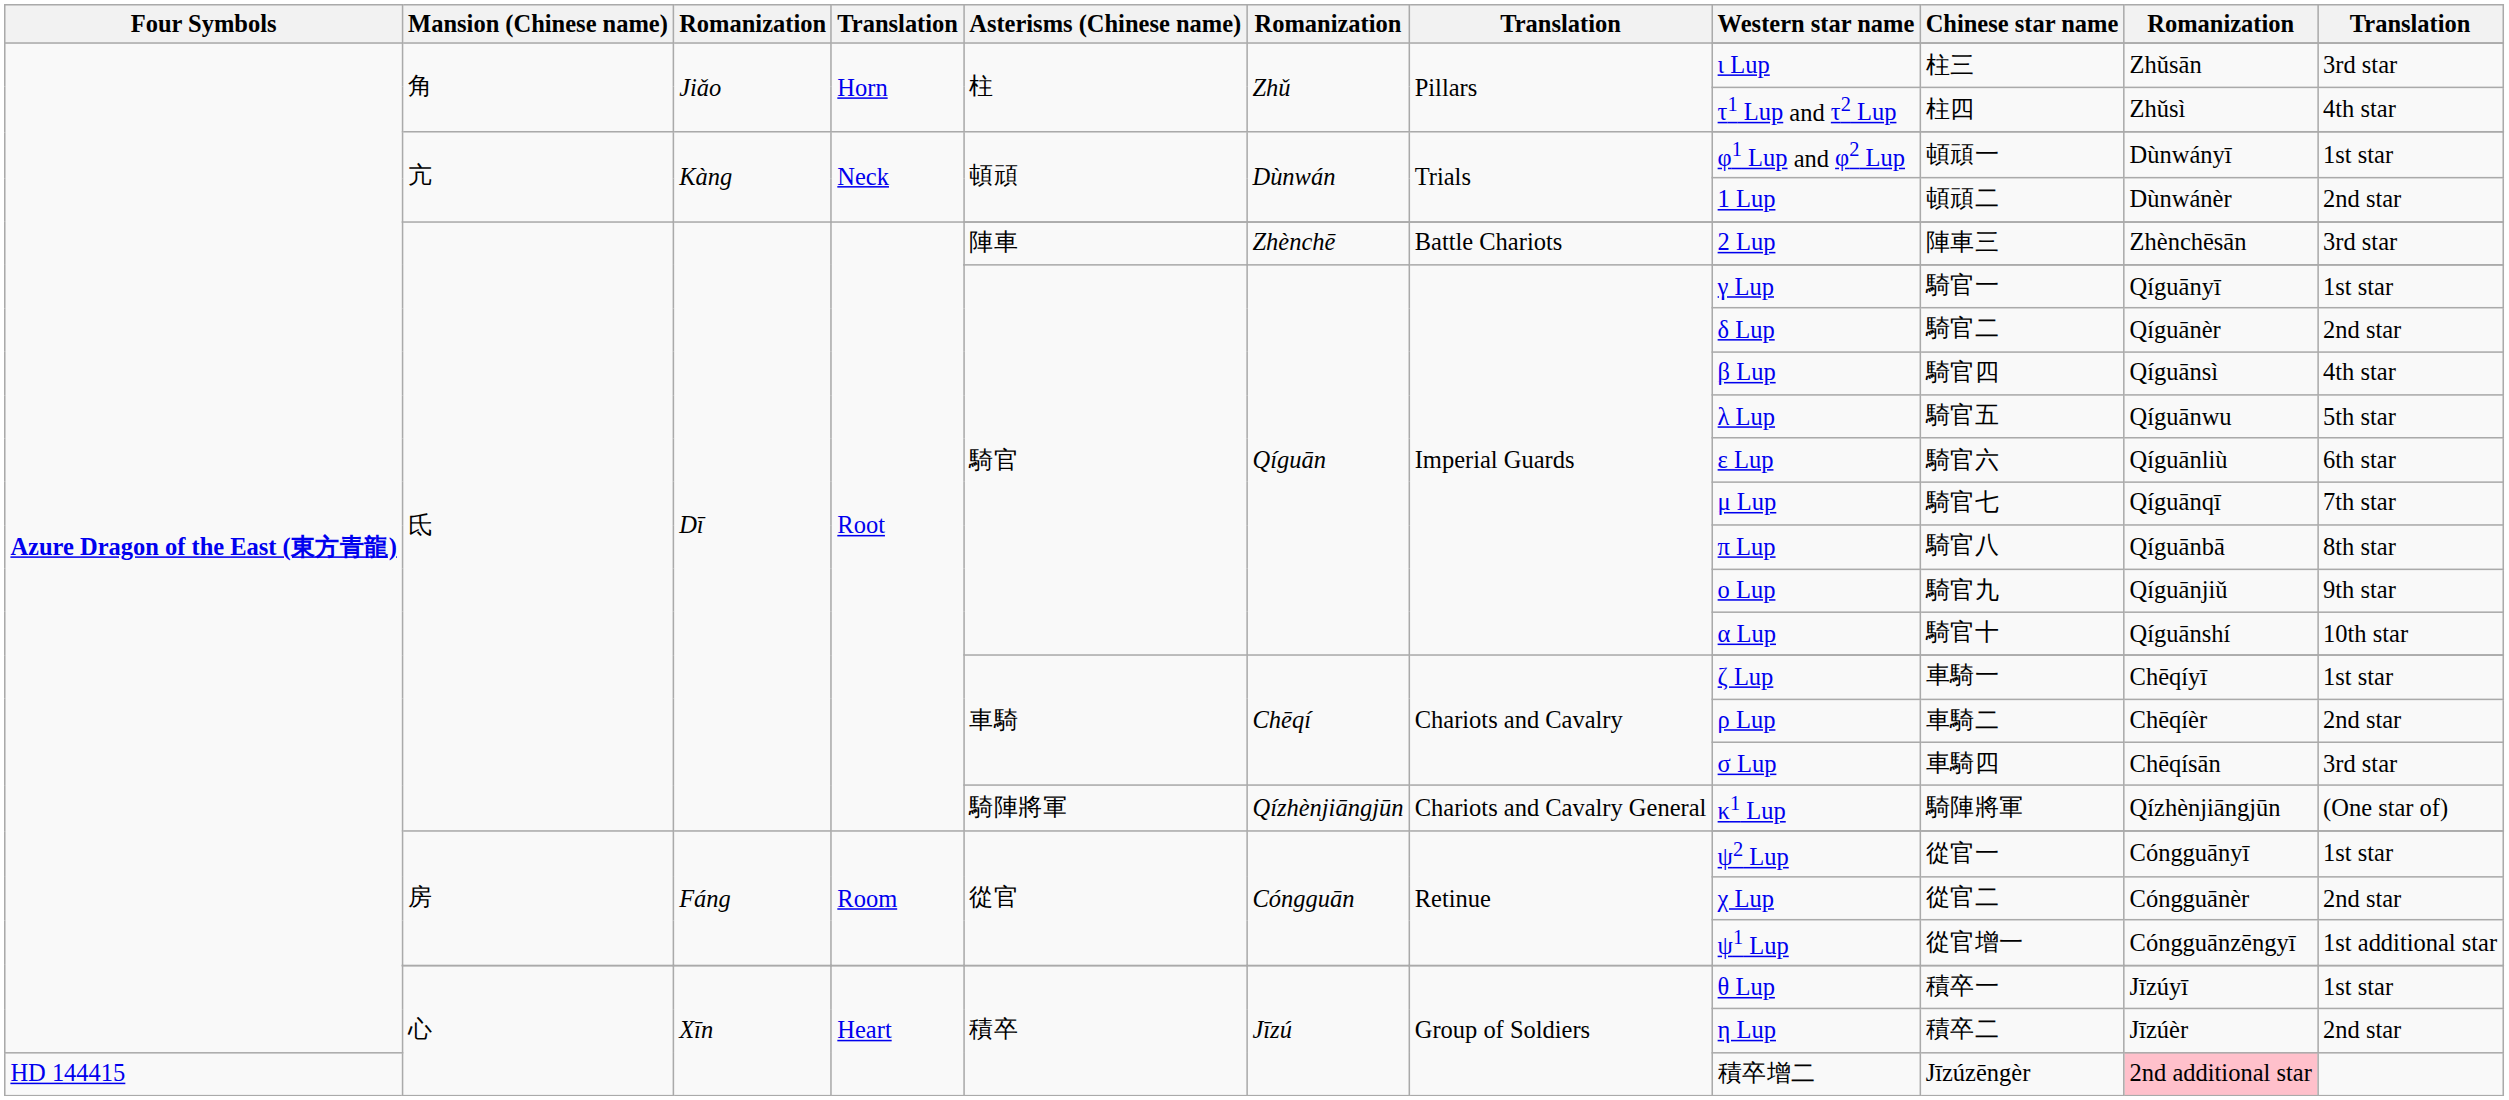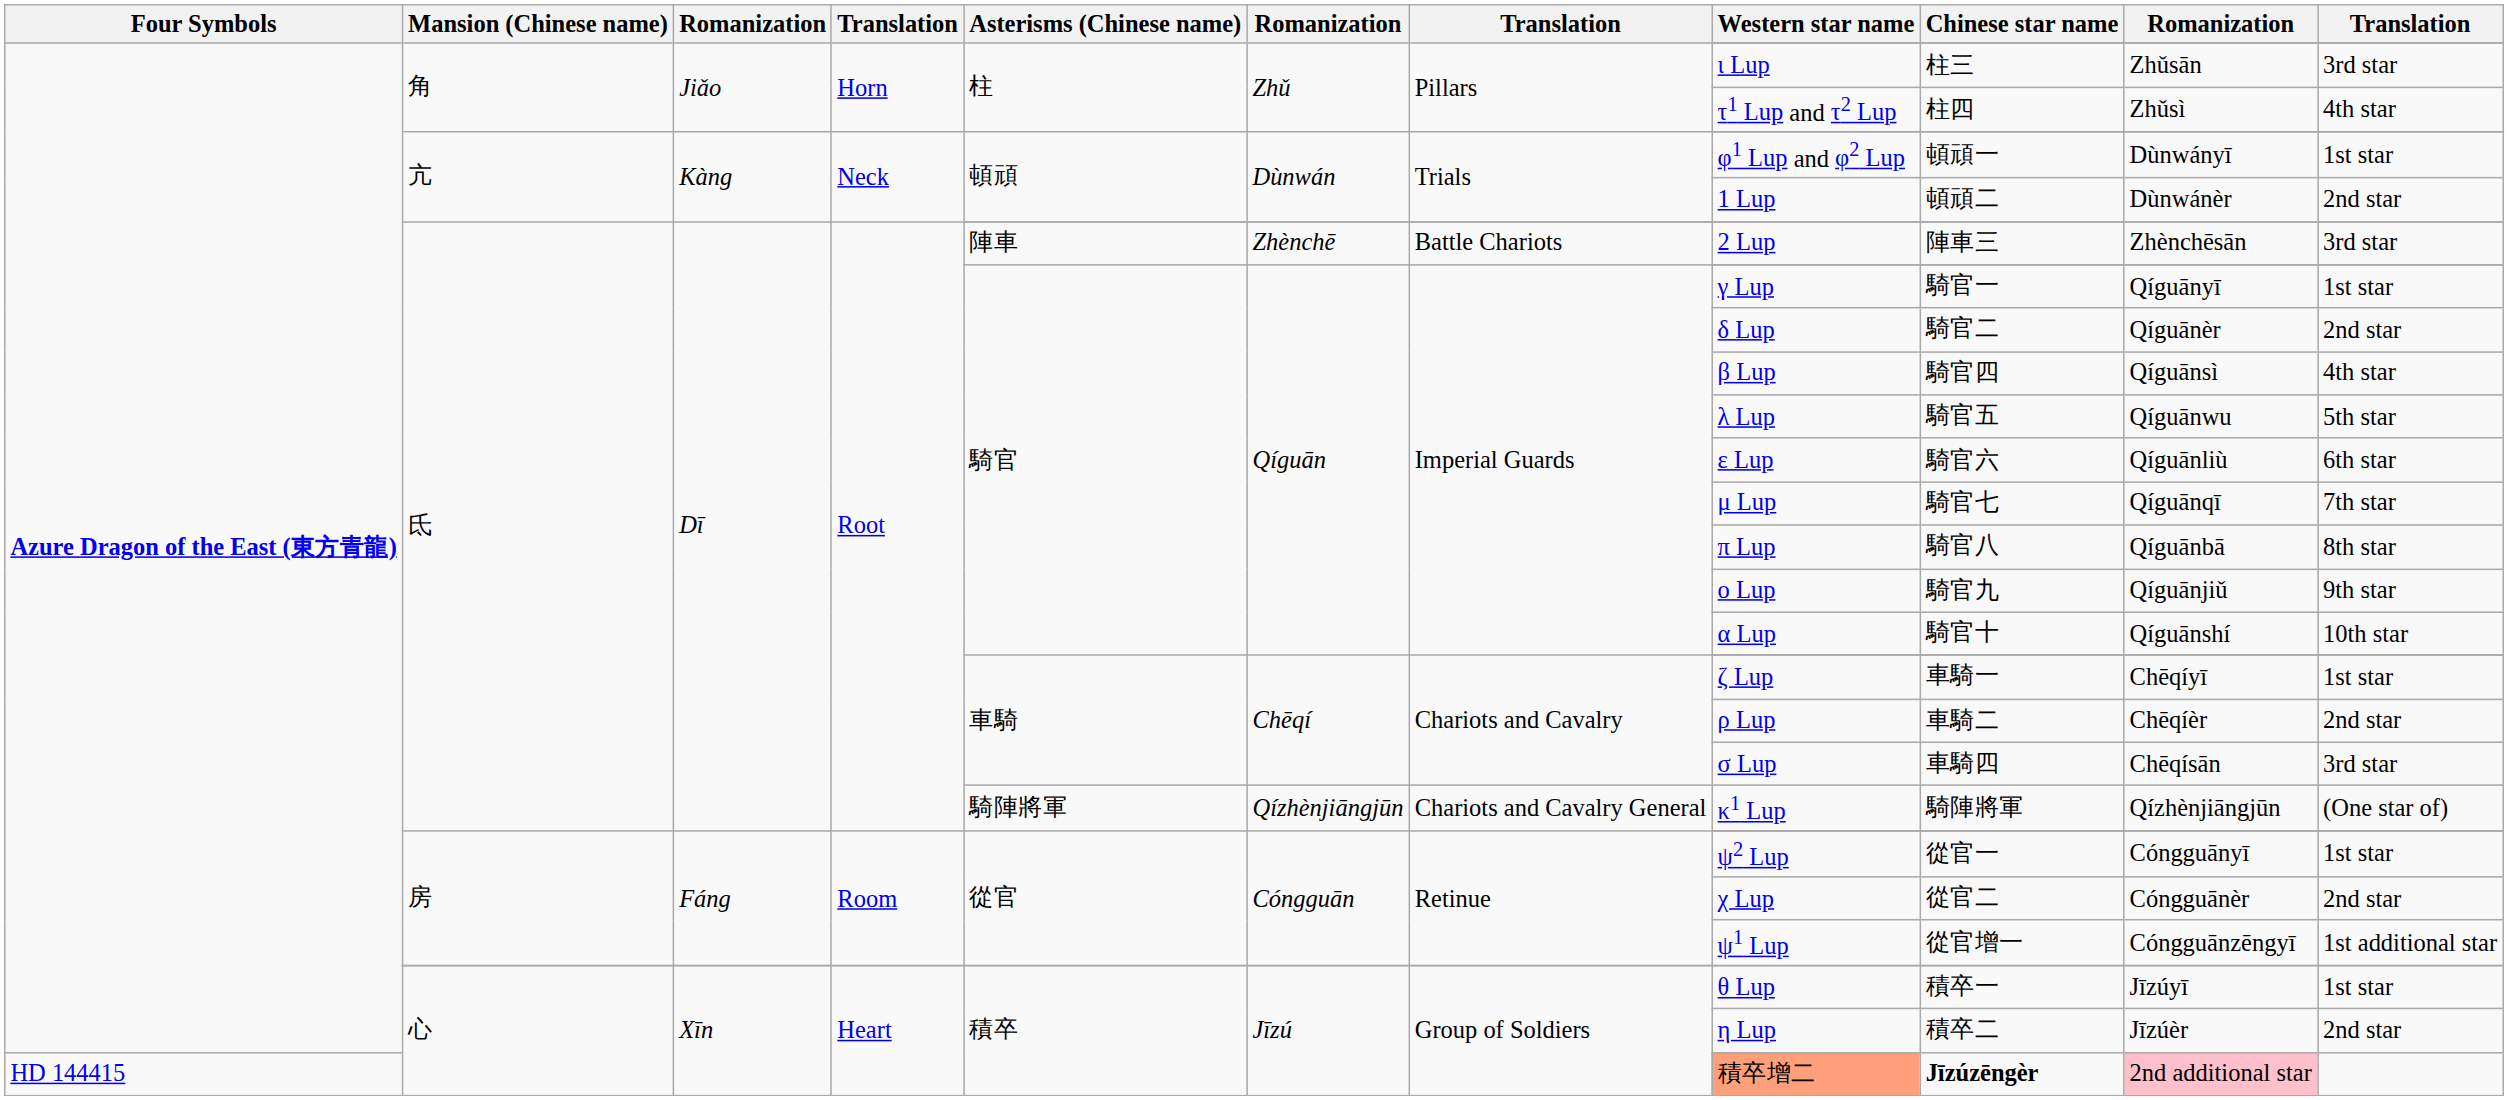 <table class="wikitable">
 <tr>
 <th><strong>Four Symbols</strong></th>
 <th><strong>Mansion (Chinese name)</strong></th>
 <th><strong>Romanization</strong></th>
 <th><strong>Translation</strong></th>
 <th><strong>Asterisms (Chinese name)</strong></th>
 <th><strong>Romanization</strong></th>
 <th><strong>Translation</strong></th>
 <th><strong>Western star name</strong></th>
 <th><strong>Chinese star name</strong></th>
 <th><strong>Romanization</strong></th>
 <th><strong>Translation</strong></th>
 </tr>
 <tr>
 <td rowspan="31"><strong><a href='#'>Azure Dragon of the East (東方青龍)</a></strong></td>
 <td rowspan="3">角</td>
 <td rowspan="3"><em>Jiǎo</em></td>
 <td rowspan="3"><a href='#'>Horn</a></td>
 <td rowspan="3">柱</td>
 <td rowspan="3"><em>Zhǔ</em></td>
 <td rowspan="3">Pillars</td>
 </tr>
 <tr>
 <td><a href='#'>ι Lup</a></td>
 <td>柱三</td>
 <td>Zhǔsān</td>
 <td>3rd star</td>
 </tr>
 <tr>
 <td><a href='#'>τ<sup>1</sup> Lup</a> and <a href='#'>τ<sup>2</sup> Lup</a></td>
 <td>柱四</td>
 <td>Zhǔsì</td>
 <td>4th star</td>
 </tr>
 <tr>
 <td rowspan="3">亢</td>
 <td rowspan="3"><em>Kàng</em></td>
 <td rowspan="3"><a href='#'>Neck</a></td>
 <td rowspan="3">頓頑</td>
 <td rowspan="3"><em>Dùnwán</em></td>
 <td rowspan="3">Trials</td>
 </tr>
 <tr>
 <td><a href='#'>φ<sup>1</sup> Lup</a> and <a href='#'>φ<sup>2</sup> Lup</a></td>
 <td>頓頑一</td>
 <td>Dùnwányī</td>
 <td>1st star</td>
 </tr>
 <tr>
 <td><a href='#'>1 Lup</a></td>
 <td>頓頑二</td>
 <td>Dùnwánèr</td>
 <td>2nd star</td>
 </tr>
 <tr>
 <td rowspan="17">氐</td>
 <td rowspan="17"><em>Dī</em></td>
 <td rowspan="17"><a href='#'>Root</a></td>
 </tr>
 <tr>
 <td>陣車</td>
 <td><em>Zhènchē</em></td>
 <td>Battle Chariots</td>
 <td><a href='#'>2 Lup</a></td>
 <td>陣車三</td>
 <td>Zhènchēsān</td>
 <td>3rd star</td>
 </tr>
 <tr>
 <td rowspan="10">騎官</td>
 <td rowspan="10"><em>Qíguān</em></td>
 <td rowspan="10">Imperial Guards</td>
 </tr>
 <tr>
 <td><a href='#'>γ Lup</a></td>
 <td>騎官一</td>
 <td>Qíguānyī</td>
 <td>1st star</td>
 </tr>
 <tr>
 <td><a href='#'>δ Lup</a></td>
 <td>騎官二</td>
 <td>Qíguānèr</td>
 <td>2nd star</td>
 </tr>
 <tr>
 <td><a href='#'>β Lup</a></td>
 <td>騎官四</td>
 <td>Qíguānsì</td>
 <td>4th star</td>
 </tr>
 <tr>
 <td><a href='#'>λ Lup</a></td>
 <td>騎官五</td>
 <td>Qíguānwu</td>
 <td>5th star</td>
 </tr>
 <tr>
 <td><a href='#'>ε Lup</a></td>
 <td>騎官六</td>
 <td>Qíguānliù</td>
 <td>6th star</td>
 </tr>
 <tr>
 <td><a href='#'>μ Lup</a></td>
 <td>騎官七</td>
 <td>Qíguānqī</td>
 <td>7th star</td>
 </tr>
 <tr>
 <td><a href='#'>π Lup</a></td>
 <td>騎官八</td>
 <td>Qíguānbā</td>
 <td>8th star</td>
 </tr>
 <tr>
 <td><a href='#'>ο Lup</a></td>
 <td>騎官九</td>
 <td>Qíguānjiǔ</td>
 <td>9th star</td>
 </tr>
 <tr>
 <td><a href='#'>α Lup</a></td>
 <td>騎官十</td>
 <td>Qíguānshí</td>
 <td>10th star</td>
 </tr>
 <tr>
 <td rowspan="4">車騎</td>
 <td rowspan="4"><em>Chēqí</em></td>
 <td rowspan="4">Chariots and Cavalry</td>
 </tr>
 <tr>
 <td><a href='#'>ζ Lup</a></td>
 <td>車騎一</td>
 <td>Chēqíyī</td>
 <td>1st star</td>
 </tr>
 <tr>
 <td><a href='#'>ρ Lup</a></td>
 <td>車騎二</td>
 <td>Chēqíèr</td>
 <td>2nd star</td>
 </tr>
 <tr>
 <td><a href='#'>σ Lup</a></td>
 <td>車騎四</td>
 <td>Chēqísān</td>
 <td>3rd star</td>
 </tr>
 <tr>
 <td>騎陣將軍</td>
 <td><em>Qízhènjiāngjūn</em></td>
 <td>Chariots and Cavalry General</td>
 <td><a href='#'>κ<sup>1</sup> Lup</a></td>
 <td>騎陣將軍</td>
 <td>Qízhènjiāngjūn</td>
 <td>(One star of)</td>
 </tr>
 <tr>
 <td rowspan="4">房</td>
 <td rowspan="4"><em>Fáng</em></td>
 <td rowspan="4"><a href='#'>Room</a></td>
 <td rowspan="4">從官</td>
 <td rowspan="4"><em>Cóngguān</em></td>
 <td rowspan="4">Retinue</td>
 </tr>
 <tr>
 <td><a href='#'>ψ<sup>2</sup> Lup</a></td>
 <td>從官一</td>
 <td>Cóngguānyī</td>
 <td>1st star</td>
 </tr>
 <tr>
 <td><a href='#'>χ Lup</a></td>
 <td>從官二</td>
 <td>Cóngguānèr</td>
 <td>2nd star</td>
 </tr>
 <tr>
 <td><a href='#'>ψ<sup>1</sup> Lup</a></td>
 <td>從官增一</td>
 <td>Cóngguānzēngyī</td>
 <td>1st additional star</td>
 </tr>
 <tr>
 </tr>
 <tr>
 <td rowspan="4">心</td>
 <td rowspan="4"><em>Xīn</em></td>
 <td rowspan="4"><a href='#'>Heart</a></td>
 <td rowspan="4">積卒</td>
 <td rowspan="4"><em>Jīzú</em></td>
 <td rowspan="4">Group of Soldiers</td>
 </tr>
 <tr>
 <td><a href='#'>θ Lup</a></td>
 <td>積卒一</td>
 <td>Jīzúyī</td>
 <td>1st star</td>
 </tr>
 <tr>
 <td><a href='#'>η Lup</a></td>
 <td>積卒二</td>
 <td>Jīzúèr</td>
 <td>2nd star</td>
 </tr>
 <tr>
 <td><a href='#'>HD 144415</a></td>
-<td>積卒增二</td>
-<td>Jīzúzēngèr</td>
+<td style="background: lightsalmon;">積卒增二</td>
+<td><strong>Jīzúzēngèr</strong></td>
 <td style="background: pink;">2nd additional star</td>
 </tr>
 </table>
